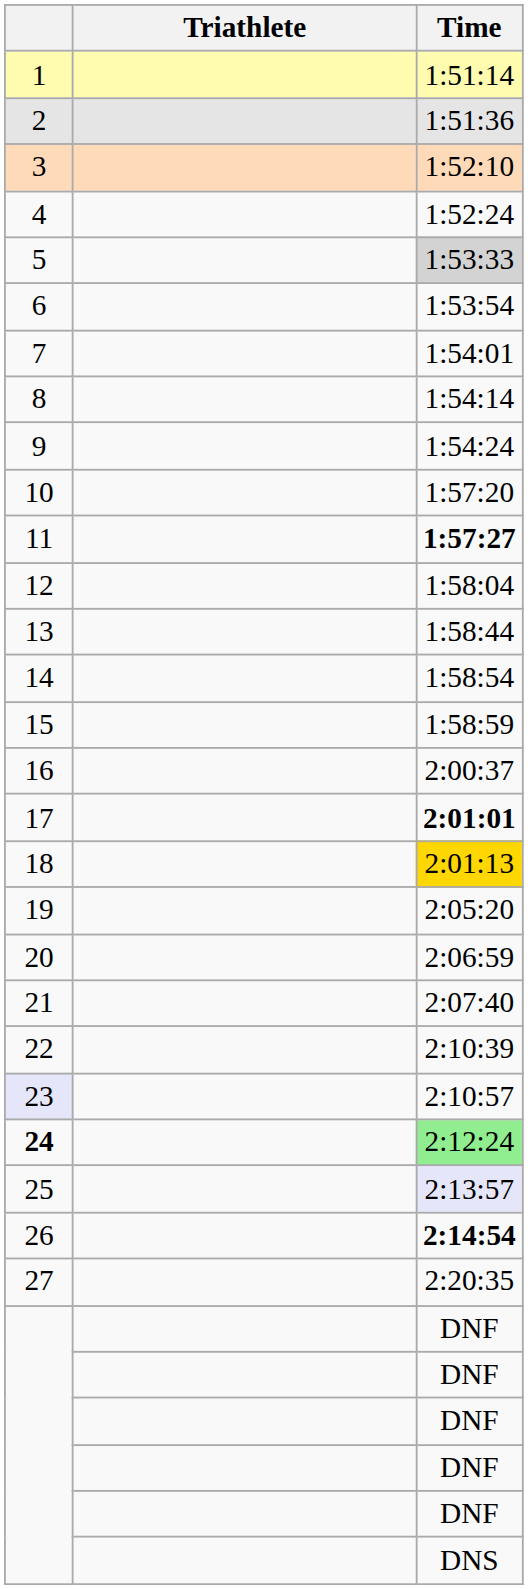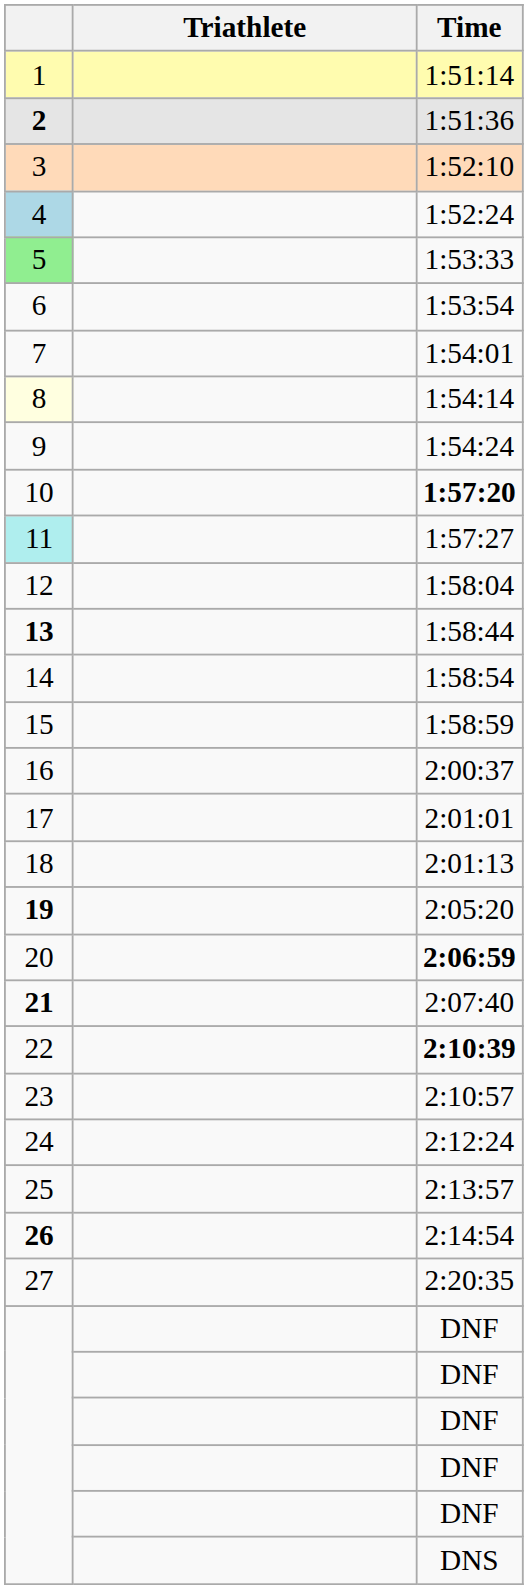 <table class="wikitable" style="text-align: center;">
 <tr>
 <th style="text-align:center; width:30px;"></th>
 <th style="text-align:center; width:180px;">Triathlete</th>
 <th style="text-align:center; width:30px;">Time</th>
 </tr>
 <tr style="background:#fffcaf;">
 <td>1</td>
 <td style="text-align:left;"></td>
 <td>1:51:14</td>
 </tr>
 <tr style="background:#e5e5e5;">
-<td>2</td>
+<td><strong>2</strong></td>
 <td style="text-align:left;"></td>
 <td>1:51:36</td>
 </tr>
 <tr style="background:#FFDAB9;">
 <td>3</td>
 <td style="text-align:left;"></td>
 <td>1:52:10</td>
 </tr>
 <tr>
-<td>4</td>
+<td style="background: lightblue;">4</td>
 <td style="text-align:left;"></td>
 <td>1:52:24</td>
 </tr>
 <tr>
-<td>5</td>
+<td style="background: lightgreen;">5</td>
 <td style="text-align:left;"></td>
-<td style="background: lightgrey;">1:53:33</td>
+<td>1:53:33</td>
 </tr>
 <tr>
 <td>6</td>
 <td style="text-align:left;"></td>
 <td>1:53:54</td>
 </tr>
 <tr>
 <td>7</td>
 <td style="text-align:left;"></td>
 <td>1:54:01</td>
 </tr>
 <tr>
-<td>8</td>
+<td style="background: lightyellow;">8</td>
 <td style="text-align:left;"></td>
 <td>1:54:14</td>
 </tr>
 <tr>
 <td>9</td>
 <td style="text-align:left;"></td>
 <td>1:54:24</td>
 </tr>
 <tr>
 <td>10</td>
 <td style="text-align:left;"></td>
-<td>1:57:20</td>
+<td><strong>1:57:20</strong></td>
 </tr>
 <tr>
-<td>11</td>
+<td style="background: paleturquoise;">11</td>
 <td style="text-align:left;"></td>
-<td><strong>1:57:27</strong></td>
+<td>1:57:27</td>
 </tr>
 <tr>
 <td>12</td>
 <td style="text-align:left;"></td>
 <td>1:58:04</td>
 </tr>
 <tr>
-<td>13</td>
+<td><strong>13</strong></td>
 <td style="text-align:left;"></td>
 <td>1:58:44</td>
 </tr>
 <tr>
 <td>14</td>
 <td style="text-align:left;"></td>
 <td>1:58:54</td>
 </tr>
 <tr>
 <td>15</td>
 <td style="text-align:left;"></td>
 <td>1:58:59</td>
 </tr>
 <tr>
 <td>16</td>
 <td style="text-align:left;"></td>
 <td>2:00:37</td>
 </tr>
 <tr>
 <td>17</td>
 <td style="text-align:left;"></td>
-<td><strong>2:01:01</strong></td>
+<td>2:01:01</td>
 </tr>
 <tr>
 <td>18</td>
 <td style="text-align:left;"></td>
-<td style="background: gold;">2:01:13</td>
+<td>2:01:13</td>
 </tr>
 <tr>
-<td>19</td>
+<td><strong>19</strong></td>
 <td style="text-align:left;"></td>
 <td>2:05:20</td>
 </tr>
 <tr>
 <td>20</td>
 <td style="text-align:left;"></td>
-<td>2:06:59</td>
+<td><strong>2:06:59</strong></td>
 </tr>
 <tr>
-<td>21</td>
+<td><strong>21</strong></td>
 <td style="text-align:left;"></td>
 <td>2:07:40</td>
 </tr>
 <tr>
 <td>22</td>
 <td style="text-align:left;"></td>
-<td>2:10:39</td>
+<td><strong>2:10:39</strong></td>
 </tr>
 <tr>
-<td style="background: lavender;">23</td>
+<td>23</td>
 <td style="text-align:left;"></td>
 <td>2:10:57</td>
 </tr>
 <tr>
-<td><strong>24</strong></td>
+<td>24</td>
 <td style="text-align:left;"></td>
-<td style="background: lightgreen;">2:12:24</td>
+<td>2:12:24</td>
 </tr>
 <tr>
 <td>25</td>
 <td style="text-align:left;"></td>
-<td style="background: lavender;">2:13:57</td>
+<td>2:13:57</td>
 </tr>
 <tr>
-<td>26</td>
+<td><strong>26</strong></td>
 <td style="text-align:left;"></td>
-<td><strong>2:14:54</strong></td>
+<td>2:14:54</td>
 </tr>
 <tr>
 <td>27</td>
 <td style="text-align:left;"></td>
 <td>2:20:35</td>
 </tr>
 <tr>
 <td rowspan="6"></td>
 <td style="text-align:left;"></td>
 <td>DNF</td>
 </tr>
 <tr>
 <td style="text-align:left;"></td>
 <td>DNF</td>
 </tr>
 <tr>
 <td style="text-align:left;"></td>
 <td>DNF</td>
 </tr>
 <tr>
 <td style="text-align:left;"></td>
 <td>DNF</td>
 </tr>
 <tr>
 <td style="text-align:left;"></td>
 <td>DNF</td>
 </tr>
 <tr>
 <td style="text-align:left;"></td>
 <td>DNS</td>
 </tr>
 </table>
